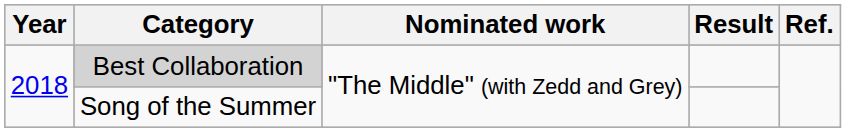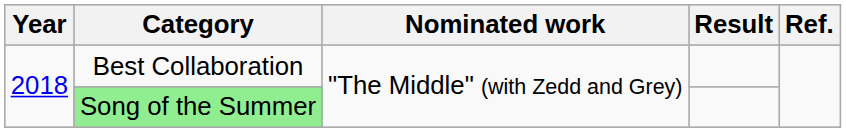 <table class="wikitable" style="text-align:center;">
 <tr>
 <th>Year</th>
 <th>Category</th>
 <th>Nominated work</th>
 <th>Result</th>
 <th>Ref.</th>
 </tr>
 <tr>
 <td rowspan="2"><a href='#'>2018</a></td>
-<td style="background: lightgrey;">Best Collaboration</td>
+<td>Best Collaboration</td>
 <td rowspan="2">"The Middle" <small>(with Zedd and Grey)</small></td>
 <td></td>
 <td rowspan="2"></td>
 </tr>
 <tr>
-<td>Song of the Summer</td>
+<td style="background: lightgreen;">Song of the Summer</td>
 <td></td>
 </tr>
 </table>
